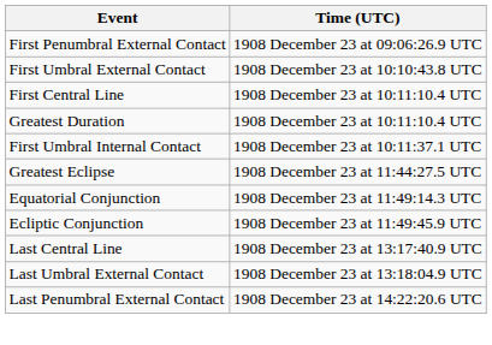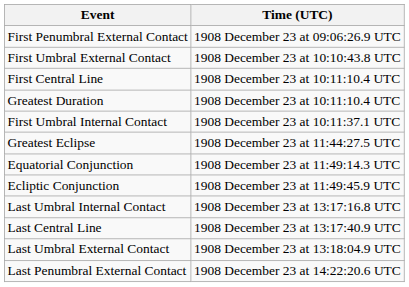 <table class="wikitable">
 <tr>
 <th>Event</th>
 <th>Time (UTC)</th>
 </tr>
 <tr>
 <td>First Penumbral External Contact</td>
 <td>1908 December 23 at 09:06:26.9 UTC</td>
 </tr>
 <tr>
 <td>First Umbral External Contact</td>
 <td>1908 December 23 at 10:10:43.8 UTC</td>
 </tr>
 <tr>
 <td>First Central Line</td>
 <td>1908 December 23 at 10:11:10.4 UTC</td>
 </tr>
 <tr>
 <td>Greatest Duration</td>
 <td>1908 December 23 at 10:11:10.4 UTC</td>
 </tr>
 <tr>
 <td>First Umbral Internal Contact</td>
 <td>1908 December 23 at 10:11:37.1 UTC</td>
 </tr>
 <tr>
 <td>Greatest Eclipse</td>
 <td>1908 December 23 at 11:44:27.5 UTC</td>
 </tr>
 <tr>
 <td>Equatorial Conjunction</td>
 <td>1908 December 23 at 11:49:14.3 UTC</td>
 </tr>
 <tr>
 <td>Ecliptic Conjunction</td>
 <td>1908 December 23 at 11:49:45.9 UTC</td>
 </tr>
 <tr>
+<td>Last Umbral Internal Contact</td>
+<td>1908 December 23 at 13:17:16.8 UTC</td>
+</tr>
+<tr>
 <td>Last Central Line</td>
 <td>1908 December 23 at 13:17:40.9 UTC</td>
 </tr>
 <tr>
 <td>Last Umbral External Contact</td>
 <td>1908 December 23 at 13:18:04.9 UTC</td>
 </tr>
 <tr>
 <td>Last Penumbral External Contact</td>
 <td>1908 December 23 at 14:22:20.6 UTC</td>
 </tr>
 </table>
